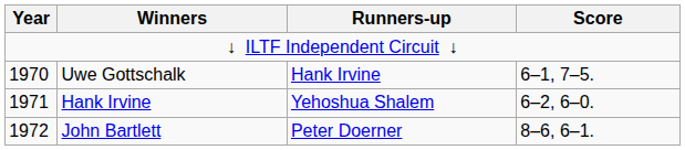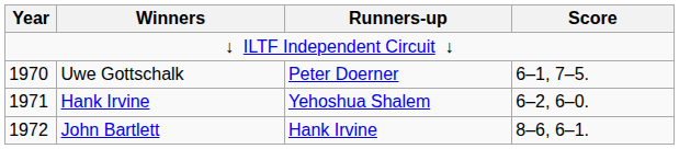 <table class="wikitable">
 <tr>
 <th style="width:40px">Year</th>
 <th style="width:200px">Winners</th>
 <th style="width:200px">Runners-up</th>
 <th style="width:140px" class="unsortable">Score</th>
 </tr>
 <tr>
 <td colspan=4 align=center>↓  <a href='#'>ILTF Independent Circuit</a>  ↓</td>
 </tr>
 <tr>
 <td>1970</td>
 <td>  Uwe Gottschalk</td>
-<td> <a href='#'>Hank Irvine</a></td>
+<td> <a href='#'>Peter Doerner</a></td>
 <td>6–1, 7–5.</td>
 </tr>
 <tr>
 <td>1971</td>
 <td> <a href='#'>Hank Irvine</a></td>
 <td> <a href='#'>Yehoshua Shalem</a></td>
 <td>6–2, 6–0.</td>
 </tr>
 <tr>
 <td>1972</td>
 <td> <a href='#'>John Bartlett</a></td>
-<td> <a href='#'>Peter Doerner</a></td>
+<td> <a href='#'>Hank Irvine</a></td>
 <td>8–6, 6–1.</td>
 </tr>
 <tr>
 </tr>
 </table>
